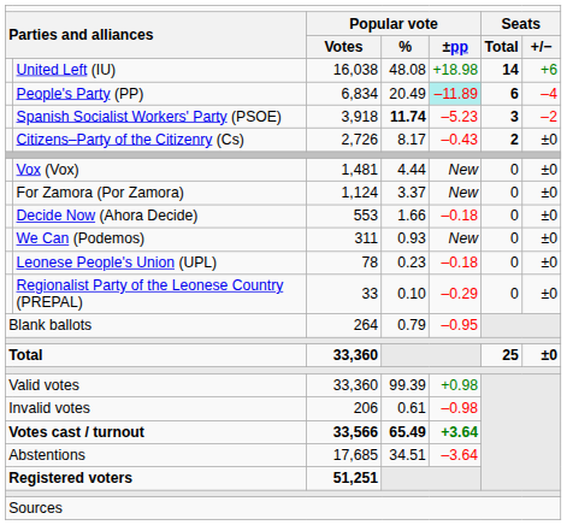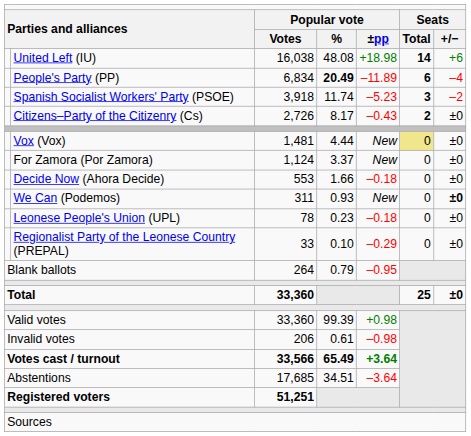 <table class="wikitable" style="text-align:right;">
 <tr>
 <td colspan="7"></td>
 </tr>
 <tr>
 <th style="text-align:left;" rowspan="2" colspan="2" width="525">Parties and alliances</th>
 <th colspan="3">Popular vote</th>
 <th colspan="2">Seats</th>
 </tr>
 <tr>
 <th width="75">Votes</th>
 <th width="45">%</th>
 <th width="45">±<a href='#'>pp</a></th>
 <th width="35">Total</th>
 <th width="35">+/−</th>
 </tr>
 <tr>
 <td width="1" style="color:inherit;background:"></td>
 <td align="left"><a href='#'>United Left</a> (IU)</td>
 <td>16,038</td>
 <td>48.08</td>
 <td style="color:green;">+18.98</td>
 <td><strong>14</strong></td>
 <td style="color:green;">+6</td>
 </tr>
 <tr>
 <td style="color:inherit;background:"></td>
 <td align="left"><a href='#'>People's Party</a> (PP)</td>
 <td>6,834</td>
-<td>20.49</td>
-<td style="background: paleturquoise; color:red;">–11.89</td>
+<td><strong>20.49</strong></td>
+<td style="color:red;">–11.89</td>
 <td><strong>6</strong></td>
 <td style="color:red;">–4</td>
 </tr>
 <tr>
 <td style="color:inherit;background:"></td>
 <td align="left"><a href='#'>Spanish Socialist Workers' Party</a> (PSOE)</td>
 <td>3,918</td>
-<td><strong>11.74</strong></td>
+<td>11.74</td>
 <td style="color:red;">–5.23</td>
 <td><strong>3</strong></td>
 <td style="color:red;">–2</td>
 </tr>
 <tr>
 <td style="color:inherit;background:"></td>
 <td align="left"><a href='#'>Citizens–Party of the Citizenry</a> (Cs)</td>
 <td>2,726</td>
 <td>8.17</td>
 <td style="color:red;">–0.43</td>
 <td><strong>2</strong></td>
 <td>±0</td>
 </tr>
 <tr>
 <td colspan="7" bgcolor="#C0C0C0"></td>
 </tr>
 <tr>
 <td style="color:inherit;background:"></td>
 <td align="left"><a href='#'>Vox</a> (Vox)</td>
 <td>1,481</td>
 <td>4.44</td>
 <td><em>New</em></td>
-<td>0</td>
+<td style="background: khaki;">0</td>
 <td>±0</td>
 </tr>
 <tr>
 <td style="color:inherit;background:"></td>
 <td align="left">For Zamora (Por Zamora)</td>
 <td>1,124</td>
 <td>3.37</td>
 <td><em>New</em></td>
 <td>0</td>
 <td>±0</td>
 </tr>
 <tr>
 <td style="color:inherit;background:"></td>
 <td align="left"><a href='#'>Decide Now</a> (Ahora Decide)</td>
 <td>553</td>
 <td>1.66</td>
 <td style="color:red;">–0.18</td>
 <td>0</td>
 <td>±0</td>
 </tr>
 <tr>
 <td style="color:inherit;background:"></td>
 <td align="left"><a href='#'>We Can</a> (Podemos)</td>
 <td>311</td>
 <td>0.93</td>
 <td><em>New</em></td>
 <td>0</td>
-<td>±0</td>
+<td><strong>±0</strong></td>
 </tr>
 <tr>
 <td style="color:inherit;background:"></td>
 <td align="left"><a href='#'>Leonese People's Union</a> (UPL)</td>
 <td>78</td>
 <td>0.23</td>
 <td style="color:red;">–0.18</td>
 <td>0</td>
 <td>±0</td>
 </tr>
 <tr>
 <td style="color:inherit;background:"></td>
 <td align="left"><a href='#'>Regionalist Party of the Leonese Country</a> (PREPAL)</td>
 <td>33</td>
 <td>0.10</td>
 <td style="color:red;">–0.29</td>
 <td>0</td>
 <td>±0</td>
 </tr>
 <tr>
 <td align="left" colspan="2">Blank ballots</td>
 <td>264</td>
 <td>0.79</td>
 <td style="color:red;">–0.95</td>
 <td bgcolor="#E9E9E9" colspan="2"></td>
 </tr>
 <tr>
 <td colspan="7" bgcolor="#E9E9E9"></td>
 </tr>
 <tr style="font-weight:bold;">
 <td align="left" colspan="2">Total</td>
 <td>33,360</td>
 <td bgcolor="#E9E9E9" colspan="2"></td>
 <td>25</td>
 <td>±0</td>
 </tr>
 <tr>
 <td colspan="7" bgcolor="#E9E9E9"></td>
 </tr>
 <tr>
 <td align="left" colspan="2">Valid votes</td>
 <td>33,360</td>
 <td>99.39</td>
 <td style="color:green;">+0.98</td>
 <td bgcolor="#E9E9E9" colspan="2" rowspan="5"></td>
 </tr>
 <tr>
 <td align="left" colspan="2">Invalid votes</td>
 <td>206</td>
 <td>0.61</td>
 <td style="color:red;">–0.98</td>
 </tr>
 <tr style="font-weight:bold;">
 <td align="left" colspan="2">Votes cast / turnout</td>
 <td>33,566</td>
 <td>65.49</td>
 <td style="color:green;">+3.64</td>
 </tr>
 <tr>
 <td align="left" colspan="2">Abstentions</td>
 <td>17,685</td>
 <td>34.51</td>
 <td style="color:red;">–3.64</td>
 </tr>
 <tr style="font-weight:bold;">
 <td align="left" colspan="2">Registered voters</td>
 <td>51,251</td>
 <td bgcolor="#E9E9E9" colspan="2"></td>
 </tr>
 <tr>
 <td colspan="7" bgcolor="#E9E9E9"></td>
 </tr>
 <tr>
 <td align="left" colspan="7">Sources</td>
 </tr>
 </table>
